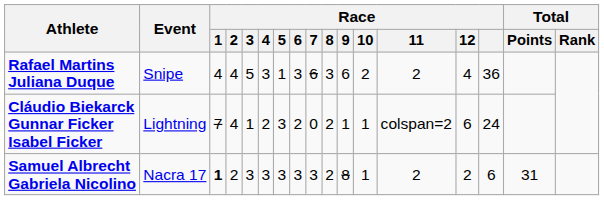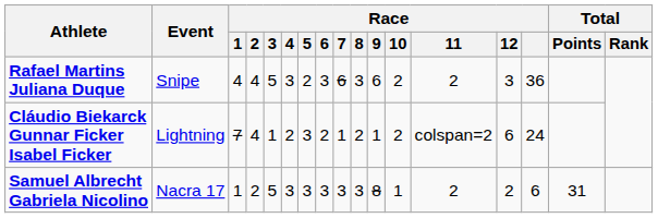 <table class=wikitable style=font-size:90%;text-align:center>
 <tr>
 <th rowspan=2>Athlete</th>
 <th rowspan=2>Event</th>
 <th colspan=13>Race</th>
 <th colspan=2>Total</th>
 </tr>
 <tr style=font-size:95%>
 <th>1</th>
 <th>2</th>
 <th>3</th>
 <th>4</th>
 <th>5</th>
 <th>6</th>
 <th>7</th>
 <th>8</th>
 <th>9</th>
 <th>10</th>
 <th>11</th>
 <th>12</th>
 <th></th>
 <th>Points</th>
 <th>Rank</th>
 </tr>
 <tr>
 <td align=left><strong><a href='#'>Rafael Martins</a></strong><br><strong><a href='#'>Juliana Duque</a></strong></td>
 <td align=left><a href='#'>Snipe</a></td>
 <td>4</td>
 <td>4</td>
 <td>5</td>
 <td>3</td>
-<td>1</td>
+<td>2</td>
 <td>3</td>
 <td><s>6</s></td>
 <td>3</td>
 <td>6</td>
 <td>2</td>
 <td>2</td>
-<td>4</td>
+<td>3</td>
 <td>36</td>
 <td></td>
 </tr>
 <tr>
 <td align=left><strong><a href='#'>Cláudio Biekarck</a></strong><br><strong><a href='#'>Gunnar Ficker</a></strong><br><strong><a href='#'>Isabel Ficker</a></strong></td>
 <td align=left><a href='#'>Lightning</a></td>
 <td><s>7</s></td>
 <td>4</td>
 <td>1</td>
 <td>2</td>
 <td>3</td>
 <td>2</td>
-<td>0</td>
+<td>1</td>
 <td>2</td>
 <td>1</td>
-<td>1</td>
+<td>2</td>
 <td>colspan=2 </td>
 <td>6</td>
 <td>24</td>
 <td></td>
 </tr>
 <tr>
 <td align=left><strong><a href='#'>Samuel Albrecht</a></strong><br><strong><a href='#'>Gabriela Nicolino</a></strong></td>
 <td align=left><a href='#'>Nacra 17</a></td>
-<td><strong>1</strong></td>
+<td>1</td>
 <td>2</td>
+<td>5</td>
 <td>3</td>
 <td>3</td>
 <td>3</td>
 <td>3</td>
 <td>3</td>
-<td>2</td>
 <td><s>8<br></s></td>
 <td>1</td>
 <td>2</td>
 <td>2</td>
 <td>6</td>
 <td>31</td>
 <td></td>
 </tr>
 </table>
